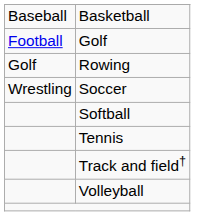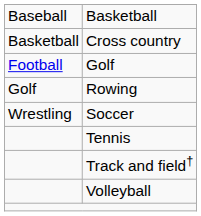 <table class="wikitable" style= " ">
 <tr>
 </tr>
 <tr>
 <td>Baseball</td>
 <td>Basketball</td>
+</tr>
+<tr>
+<td>Basketball</td>
+<td>Cross country</td>
 </tr>
 <tr>
 <td><a href='#'>Football</a></td>
 <td>Golf</td>
 </tr>
 <tr>
 <td>Golf</td>
 <td>Rowing</td>
 </tr>
 <tr>
 <td>Wrestling</td>
 <td>Soccer</td>
-</tr>
-<tr>
-<td></td>
-<td>Softball</td>
 </tr>
 <tr>
 <td></td>
 <td>Tennis</td>
 </tr>
 <tr>
 <td></td>
 <td>Track and field<sup>†</sup></td>
 </tr>
 <tr>
 <td></td>
 <td>Volleyball</td>
 </tr>
 <tr>
 <td colspan="2"></td>
 </tr>
 </table>
